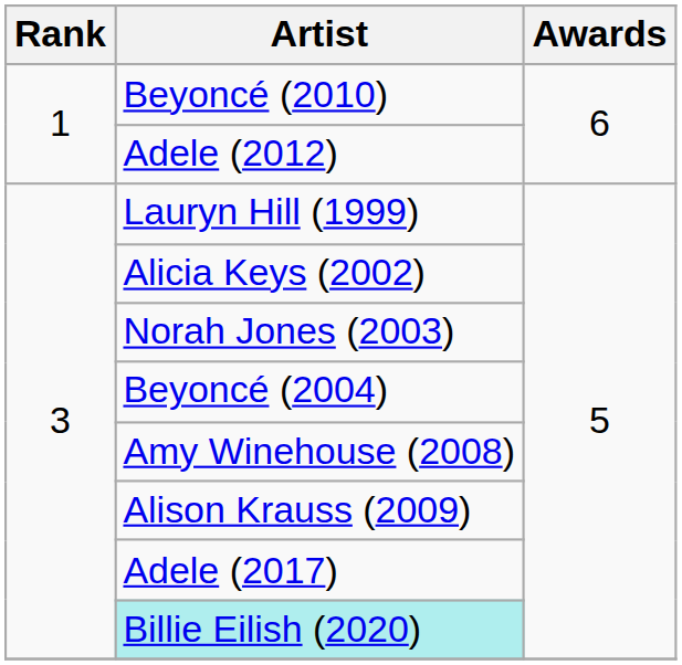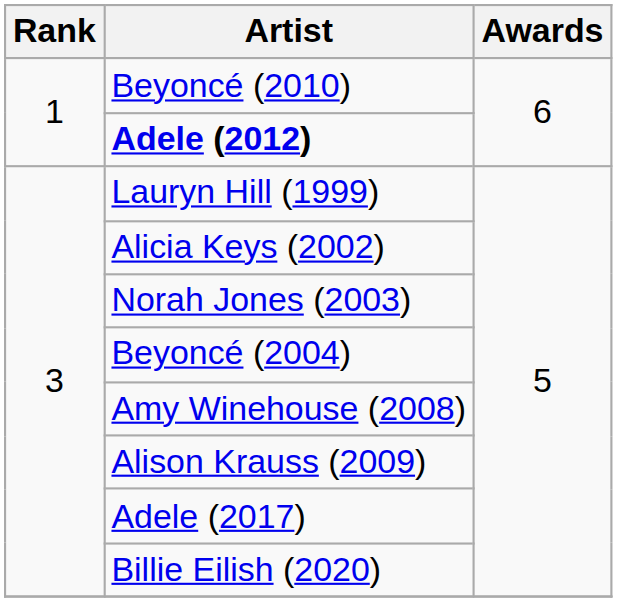 <table class="wikitable" style="text-align: center; cellpadding: 2;">
 <tr>
 <th>Rank</th>
 <th>Artist</th>
 <th>Awards</th>
 </tr>
 <tr>
 <td rowspan="2">1</td>
 <td style="text-align: left;"><a href='#'>Beyoncé</a> (<a href='#'>2010</a>)</td>
 <td rowspan="2">6</td>
 </tr>
 <tr>
-<td style="text-align: left;"><a href='#'>Adele</a> (<a href='#'>2012</a>)</td>
+<td style="text-align: left;"><strong><a href='#'>Adele</a> (<a href='#'>2012</a>)</strong></td>
 </tr>
 <tr>
 <td rowspan="8">3</td>
 <td style="text-align: left;"><a href='#'>Lauryn Hill</a> (<a href='#'>1999</a>)</td>
 <td rowspan="8">5</td>
 </tr>
 <tr>
 <td style="text-align: left;"><a href='#'>Alicia Keys</a> (<a href='#'>2002</a>)</td>
 </tr>
 <tr>
 <td style="text-align: left;"><a href='#'>Norah Jones</a> (<a href='#'>2003</a>)</td>
 </tr>
 <tr>
 <td style="text-align: left;"><a href='#'>Beyoncé</a> (<a href='#'>2004</a>)</td>
 </tr>
 <tr>
 <td style="text-align: left;"><a href='#'>Amy Winehouse</a> (<a href='#'>2008</a>)</td>
 </tr>
 <tr>
 <td style="text-align: left;"><a href='#'>Alison Krauss</a> (<a href='#'>2009</a>)</td>
 </tr>
 <tr>
 <td style="text-align: left;"><a href='#'>Adele</a> (<a href='#'>2017</a>)</td>
 </tr>
 <tr>
-<td style="background: paleturquoise; text-align: left;"><a href='#'>Billie Eilish</a> (<a href='#'>2020</a>)</td>
+<td style="text-align: left;"><a href='#'>Billie Eilish</a> (<a href='#'>2020</a>)</td>
 </tr>
 <tr>
 </tr>
 </table>
